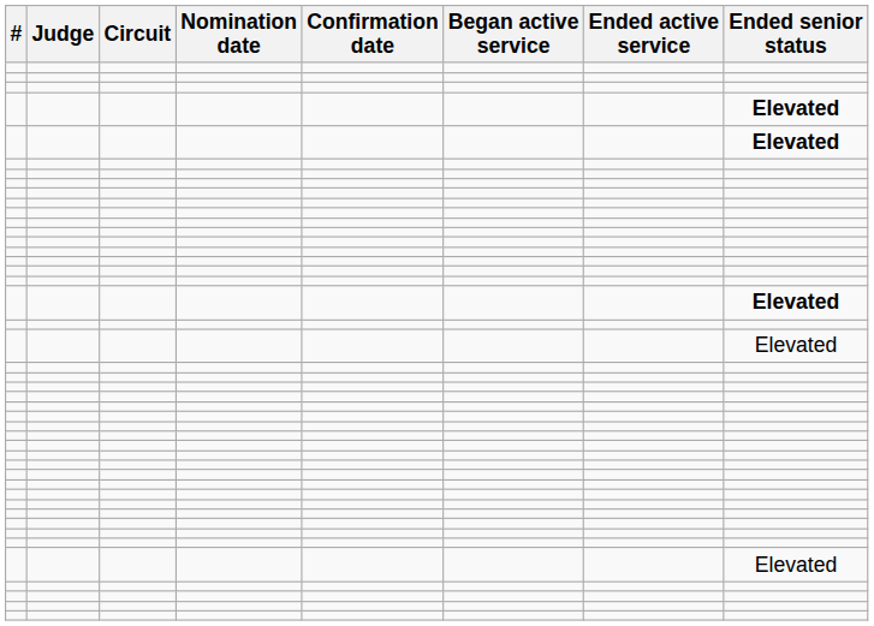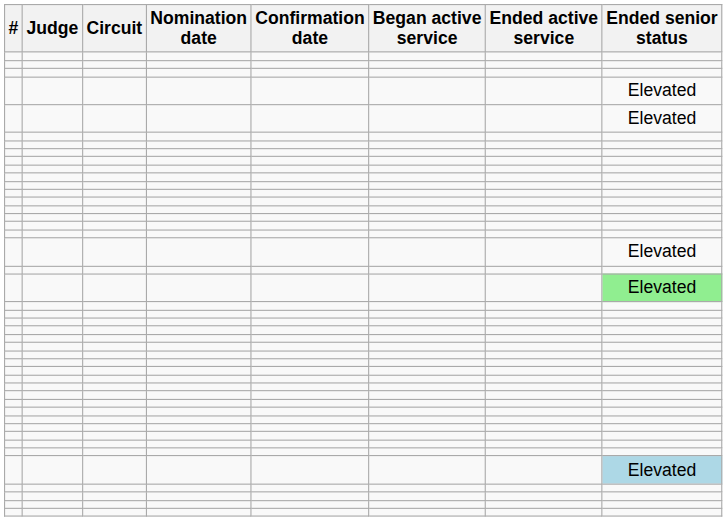 <table class="sortable wikitable">
 <tr bgcolor="#ececec">
 <th>#</th>
 <th>Judge</th>
 <th>Circuit</th>
 <th>Nomination<br>date</th>
 <th>Confirmation<br>date</th>
 <th>Began active<br>service</th>
 <th>Ended active<br>service</th>
 <th>Ended senior<br>status</th>
 </tr>
 <tr>
 <td></td>
 <td></td>
 <td></td>
 <td></td>
 <td></td>
 <td></td>
 <td></td>
 <td></td>
 </tr>
 <tr>
 <td></td>
 <td></td>
 <td></td>
 <td></td>
 <td></td>
 <td></td>
 <td></td>
 <td></td>
 </tr>
 <tr>
 <td></td>
 <td></td>
 <td></td>
 <td></td>
 <td></td>
 <td></td>
 <td></td>
 <td align="center"></td>
 </tr>
 <tr>
 <td></td>
 <td></td>
 <td></td>
 <td></td>
 <td></td>
 <td></td>
 <td></td>
-<td align="center"><strong>Elevated</strong></td>
+<td align="center">Elevated</td>
 </tr>
 <tr>
 <td></td>
 <td></td>
 <td></td>
 <td></td>
 <td></td>
 <td></td>
 <td></td>
-<td align="center"><strong>Elevated</strong></td>
+<td align="center">Elevated</td>
 </tr>
 <tr>
 <td></td>
 <td></td>
 <td></td>
 <td></td>
 <td></td>
 <td></td>
 <td></td>
 <td align="center"></td>
 </tr>
 <tr>
 <td></td>
 <td></td>
 <td></td>
 <td></td>
 <td></td>
 <td></td>
 <td></td>
 <td></td>
 </tr>
 <tr>
 <td></td>
 <td></td>
 <td></td>
 <td></td>
 <td></td>
 <td></td>
 <td></td>
 <td align="center"></td>
 </tr>
 <tr>
 <td></td>
 <td></td>
 <td></td>
 <td></td>
 <td></td>
 <td></td>
 <td></td>
 <td></td>
 </tr>
 <tr>
 <td></td>
 <td></td>
 <td></td>
 <td></td>
 <td></td>
 <td></td>
 <td></td>
 <td></td>
 </tr>
 <tr>
 <td></td>
 <td></td>
 <td></td>
 <td></td>
 <td></td>
 <td></td>
 <td></td>
 <td></td>
 </tr>
 <tr>
 <td></td>
 <td></td>
 <td></td>
 <td></td>
 <td></td>
 <td></td>
 <td></td>
 <td></td>
 </tr>
 <tr>
 <td></td>
 <td></td>
 <td></td>
 <td></td>
 <td></td>
 <td></td>
 <td></td>
 <td align="center"></td>
 </tr>
 <tr>
 <td></td>
 <td></td>
 <td></td>
 <td></td>
 <td></td>
 <td></td>
 <td></td>
 <td></td>
 </tr>
 <tr>
 <td></td>
 <td></td>
 <td></td>
 <td></td>
 <td></td>
 <td></td>
 <td></td>
 <td></td>
 </tr>
 <tr>
 <td></td>
 <td></td>
 <td></td>
 <td></td>
 <td></td>
 <td></td>
 <td></td>
 <td></td>
 </tr>
 <tr>
 <td></td>
 <td></td>
 <td></td>
 <td></td>
 <td></td>
 <td></td>
 <td></td>
 <td></td>
 </tr>
 <tr>
 <td></td>
 <td></td>
 <td></td>
 <td></td>
 <td></td>
 <td></td>
 <td></td>
 <td></td>
 </tr>
 <tr>
 <td></td>
 <td></td>
 <td></td>
 <td></td>
 <td></td>
 <td></td>
 <td></td>
-<td align="center"><strong>Elevated</strong></td>
+<td align="center">Elevated</td>
 </tr>
 <tr>
 <td></td>
 <td></td>
 <td></td>
 <td></td>
 <td></td>
 <td></td>
 <td></td>
 <td></td>
 </tr>
 <tr>
 <td></td>
 <td></td>
 <td></td>
 <td></td>
 <td></td>
 <td></td>
 <td></td>
-<td align="center">Elevated</td>
+<td align="center" style="background: lightgreen;">Elevated</td>
 </tr>
 <tr>
 <td></td>
 <td></td>
 <td></td>
 <td></td>
 <td></td>
 <td></td>
 <td></td>
 <td></td>
 </tr>
 <tr>
 <td></td>
 <td></td>
 <td></td>
 <td></td>
 <td></td>
 <td></td>
 <td></td>
 <td></td>
 </tr>
 <tr>
 <td></td>
 <td></td>
 <td></td>
 <td></td>
 <td></td>
 <td></td>
 <td></td>
 <td></td>
 </tr>
 <tr>
 <td></td>
 <td></td>
 <td></td>
 <td></td>
 <td></td>
 <td></td>
 <td></td>
 <td></td>
 </tr>
 <tr>
 <td></td>
 <td></td>
 <td></td>
 <td></td>
 <td></td>
 <td></td>
 <td></td>
 <td></td>
 </tr>
 <tr>
 <td></td>
 <td></td>
 <td></td>
 <td></td>
 <td></td>
 <td></td>
 <td></td>
 <td></td>
 </tr>
 <tr>
 <td></td>
 <td></td>
 <td></td>
 <td></td>
 <td></td>
 <td></td>
 <td></td>
 <td align="center"></td>
 </tr>
 <tr>
 <td></td>
 <td></td>
 <td></td>
 <td></td>
 <td></td>
 <td></td>
 <td></td>
 <td></td>
 </tr>
 <tr>
 <td></td>
 <td></td>
 <td></td>
 <td></td>
 <td></td>
 <td></td>
 <td></td>
 <td></td>
 </tr>
 <tr>
 <td></td>
 <td></td>
 <td></td>
 <td></td>
 <td></td>
 <td></td>
 <td></td>
 <td></td>
 </tr>
 <tr>
 <td></td>
 <td></td>
 <td></td>
 <td></td>
 <td></td>
 <td></td>
 <td></td>
 <td></td>
 </tr>
 <tr>
 <td></td>
 <td></td>
 <td></td>
 <td></td>
 <td></td>
 <td></td>
 <td></td>
 <td></td>
 </tr>
 <tr>
 <td></td>
 <td></td>
 <td></td>
 <td></td>
 <td></td>
 <td></td>
 <td></td>
 <td></td>
 </tr>
 <tr>
 <td></td>
 <td></td>
 <td></td>
 <td></td>
 <td></td>
 <td></td>
 <td></td>
 <td></td>
 </tr>
 <tr>
 <td></td>
 <td></td>
 <td></td>
 <td></td>
 <td></td>
 <td></td>
 <td></td>
 <td></td>
 </tr>
 <tr>
 <td></td>
 <td></td>
 <td></td>
 <td></td>
 <td></td>
 <td></td>
 <td></td>
 <td></td>
 </tr>
 <tr>
 <td></td>
 <td></td>
 <td></td>
 <td></td>
 <td></td>
 <td></td>
 <td></td>
 <td></td>
 </tr>
 <tr>
 <td></td>
 <td></td>
 <td></td>
 <td></td>
 <td></td>
 <td></td>
 <td></td>
 <td></td>
 </tr>
 <tr>
 <td></td>
 <td></td>
 <td></td>
 <td></td>
 <td></td>
 <td></td>
 <td></td>
 <td></td>
 </tr>
 <tr>
 <td></td>
 <td></td>
 <td></td>
 <td></td>
 <td></td>
 <td></td>
 <td></td>
-<td align="center">Elevated</td>
+<td align="center" style="background: lightblue;">Elevated</td>
 </tr>
 <tr>
 <td></td>
 <td></td>
 <td></td>
 <td></td>
 <td></td>
 <td></td>
 <td></td>
 <td></td>
 </tr>
 <tr>
 <td></td>
 <td></td>
 <td></td>
 <td></td>
 <td></td>
 <td></td>
 <td></td>
 <td></td>
 </tr>
 <tr>
 <td></td>
 <td></td>
 <td></td>
 <td></td>
 <td></td>
 <td></td>
 <td></td>
 <td></td>
 </tr>
 <tr>
 <td></td>
 <td></td>
 <td></td>
 <td></td>
 <td></td>
 <td></td>
 <td></td>
 <td></td>
 </tr>
 </table>
